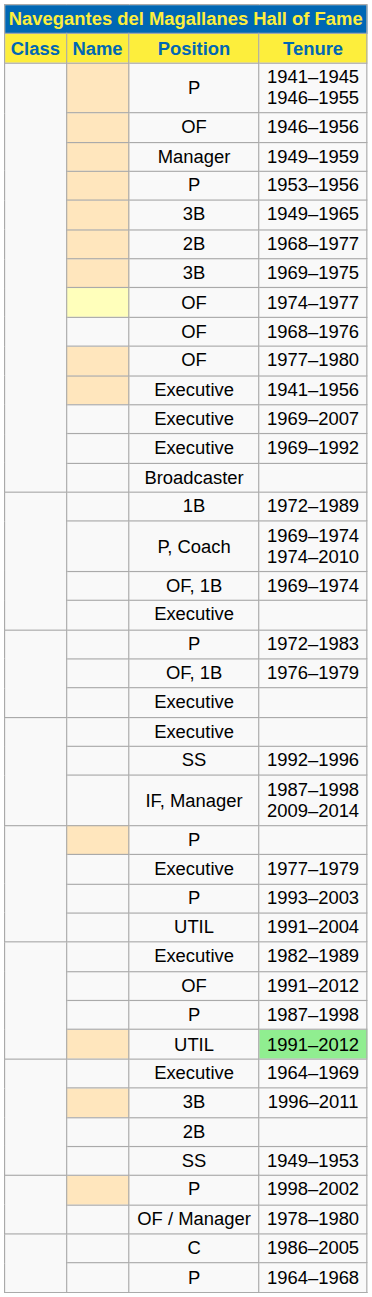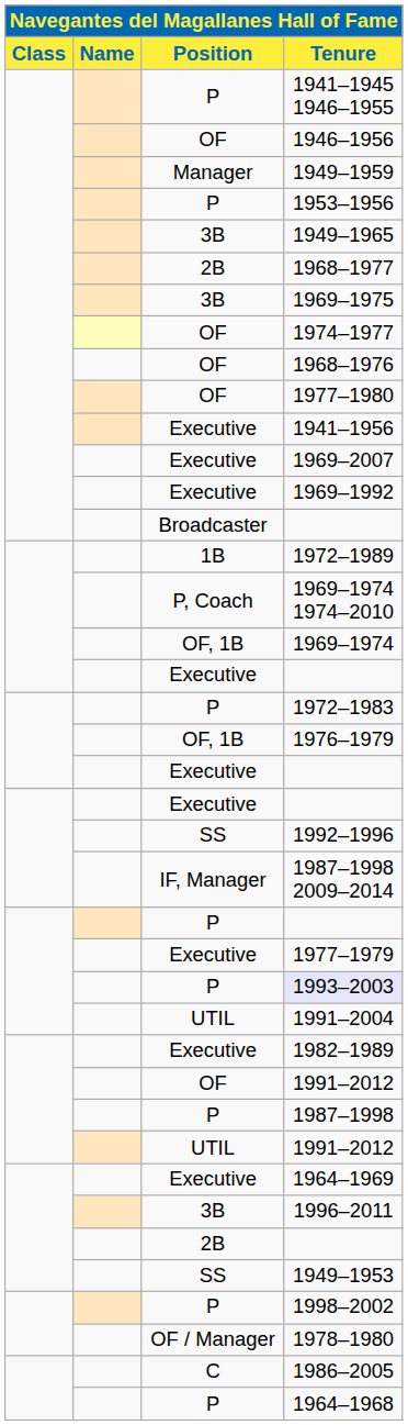 <table class="wikitable sortable" style="text-align:center">
 <tr>
 <th colspan="5" style="background-color:#0067B4; color:#FDEE3C;"><strong>Navegantes del Magallanes Hall of Fame</strong></th>
 </tr>
 <tr>
 <th scope="col" style="background-color:#FDEE3C; color:#0067B4;">Class</th>
 <th scope="col" style="background-color:#FDEE3C; color:#0067B4;">Name</th>
 <th scope="col" style="background-color:#FDEE3C; color:#0067B4;">Position</th>
 <th scope="col" style="background-color:#FDEE3C; color:#0067B4;">Tenure</th>
 </tr>
 <tr>
 <td rowspan="14"></td>
 <td style="background:#FFE6BD;"><sup></sup></td>
 <td>P</td>
 <td>1941–1945 <br>1946–1955 </td>
 </tr>
 <tr>
 <td style="background:#FFE6BD;"><sup></sup></td>
 <td>OF</td>
 <td>1946–1956</td>
 </tr>
 <tr>
 <td style="background:#FFE6BD;"><sup></sup></td>
 <td>Manager</td>
 <td>1949–1959</td>
 </tr>
 <tr>
 <td style="background:#FFE6BD;"><sup></sup></td>
 <td>P</td>
 <td>1953–1956</td>
 </tr>
 <tr>
 <td style="background:#FFE6BD;"><sup></sup></td>
 <td>3B</td>
 <td>1949–1965</td>
 </tr>
 <tr>
 <td style="background:#FFE6BD;"><sup></sup></td>
 <td>2B</td>
 <td>1968–1977</td>
 </tr>
 <tr>
 <td style="background:#FFE6BD;"><sup></sup></td>
 <td>3B</td>
 <td>1969–1975</td>
 </tr>
 <tr>
 <td style="background:#ffb;"><strong></strong></td>
 <td>OF</td>
 <td>1974–1977</td>
 </tr>
 <tr>
 <td></td>
 <td>OF</td>
 <td>1968–1976</td>
 </tr>
 <tr>
 <td style="background:#FFE6BD;"><sup></sup></td>
 <td>OF</td>
 <td>1977–1980</td>
 </tr>
 <tr>
 <td style="background:#FFE6BD;"><sup></sup></td>
 <td>Executive</td>
 <td>1941–1956</td>
 </tr>
 <tr>
 <td></td>
 <td>Executive</td>
 <td>1969–2007</td>
 </tr>
 <tr>
 <td></td>
 <td>Executive</td>
 <td>1969–1992</td>
 </tr>
 <tr>
 <td></td>
 <td>Broadcaster</td>
 <td></td>
 </tr>
 <tr>
 <td rowspan="4"></td>
 <td></td>
 <td>1B</td>
 <td>1972–1989</td>
 </tr>
 <tr>
 <td></td>
 <td>P, Coach</td>
 <td>1969–1974 <br>1974–2010 </td>
 </tr>
 <tr>
 <td></td>
 <td>OF, 1B</td>
 <td>1969–1974</td>
 </tr>
 <tr>
 <td></td>
 <td>Executive</td>
 <td></td>
 </tr>
 <tr>
 <td rowspan="3"></td>
 <td></td>
 <td>P</td>
 <td>1972–1983</td>
 </tr>
 <tr>
 <td></td>
 <td>OF, 1B</td>
 <td>1976–1979</td>
 </tr>
 <tr>
 <td></td>
 <td>Executive</td>
 <td></td>
 </tr>
 <tr>
 <td rowspan="3"></td>
 <td></td>
 <td>Executive</td>
 <td></td>
 </tr>
 <tr>
 <td></td>
 <td>SS</td>
 <td>1992–1996</td>
 </tr>
 <tr>
 <td></td>
 <td>IF, Manager</td>
 <td>1987–1998 <br>2009–2014 </td>
 </tr>
 <tr>
 <td rowspan="4"></td>
 <td style="background:#FFE6BD;"><sup></sup></td>
 <td>P</td>
 <td></td>
 </tr>
 <tr>
 <td></td>
 <td>Executive</td>
 <td>1977–1979</td>
 </tr>
 <tr>
 <td></td>
 <td>P</td>
-<td>1993–2003</td>
+<td style="background: lavender;">1993–2003</td>
 </tr>
 <tr>
 <td></td>
 <td>UTIL</td>
 <td>1991–2004</td>
 </tr>
 <tr>
 <td rowspan="4"></td>
 <td></td>
 <td>Executive</td>
 <td>1982–1989</td>
 </tr>
 <tr>
 <td></td>
 <td>OF</td>
 <td>1991–2012</td>
 </tr>
 <tr>
 <td></td>
 <td>P</td>
 <td>1987–1998</td>
 </tr>
 <tr>
 <td style="background:#FFE6BD;"><sup></sup></td>
 <td>UTIL</td>
-<td style="background: lightgreen;">1991–2012</td>
+<td>1991–2012</td>
 </tr>
 <tr>
 <td rowspan="4"></td>
 <td></td>
 <td>Executive</td>
 <td>1964–1969</td>
 </tr>
 <tr>
 <td style="background:#FFE6BD;"></td>
 <td>3B</td>
 <td>1996–2011</td>
 </tr>
 <tr>
 <td></td>
 <td>2B</td>
 <td></td>
 </tr>
 <tr>
 <td></td>
 <td>SS</td>
 <td>1949–1953</td>
 </tr>
 <tr>
 <td rowspan="2"></td>
 <td style="background:#FFE6BD;"><sup></sup></td>
 <td>P</td>
 <td>1998–2002</td>
 </tr>
 <tr>
 <td></td>
 <td>OF / Manager</td>
 <td>1978–1980</td>
 </tr>
 <tr>
 <td rowspan="2"></td>
 <td></td>
 <td>C</td>
 <td>1986–2005</td>
 </tr>
 <tr>
 <td></td>
 <td>P</td>
 <td>1964–1968</td>
 </tr>
 <tr>
 </tr>
 </table>
